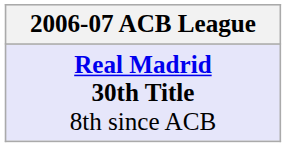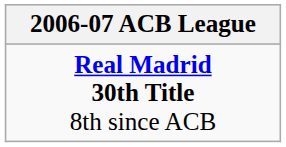 <table class="wikitable" style="margin: 0 auto; width: 20%;">
 <tr>
 <th>2006-07 ACB League</th>
 </tr>
 <tr>
-<td align=center style="background: lavender;"><strong><a href='#'>Real Madrid</a></strong><br><strong>30th Title</strong> <br>8th since ACB</td>
+<td align=center><strong><a href='#'>Real Madrid</a></strong><br><strong>30th Title</strong> <br>8th since ACB</td>
 </tr>
 </table>
